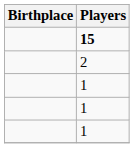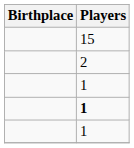 <table class="wikitable sortable">
 <tr>
 <th>Birthplace</th>
 <th>Players</th>
 </tr>
 <tr>
 <td></td>
-<td><strong>15</strong></td>
+<td>15</td>
 </tr>
 <tr>
 <td></td>
 <td>2</td>
 </tr>
 <tr>
 <td></td>
 <td>1</td>
 </tr>
 <tr>
 <td></td>
-<td>1</td>
+<td><strong>1</strong></td>
 </tr>
 <tr>
 <td></td>
 <td>1</td>
 </tr>
 <tr>
 </tr>
 </table>
